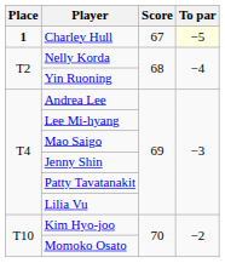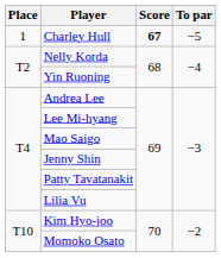 <table class="wikitable">
 <tr>
 <th>Place</th>
 <th>Player</th>
 <th>Score</th>
 <th>To par</th>
 </tr>
 <tr>
-<td align=center><strong>1</strong></td>
+<td align=center>1</td>
 <td> <a href='#'>Charley Hull</a></td>
-<td align=center>67</td>
-<td align=center style="background: lightyellow;">−5</td>
+<td align=center><strong>67</strong></td>
+<td align=center>−5</td>
 </tr>
 <tr>
 <td rowspan=2 align=center>T2</td>
 <td> <a href='#'>Nelly Korda</a></td>
 <td rowspan=2  align=center>68</td>
 <td rowspan=2  align=center>−4</td>
 </tr>
 <tr>
 <td> <a href='#'>Yin Ruoning</a></td>
 </tr>
 <tr>
 <td rowspan=6 align=center>T4</td>
 <td> <a href='#'>Andrea Lee</a></td>
 <td rowspan=6  align=center>69</td>
 <td rowspan=6  align=center>−3</td>
 </tr>
 <tr>
 <td> <a href='#'>Lee Mi-hyang</a></td>
 </tr>
 <tr>
 <td> <a href='#'>Mao Saigo</a></td>
 </tr>
 <tr>
 <td> <a href='#'>Jenny Shin</a></td>
 </tr>
 <tr>
 <td> <a href='#'>Patty Tavatanakit</a></td>
 </tr>
 <tr>
 <td> <a href='#'>Lilia Vu</a></td>
 </tr>
 <tr>
 <td rowspan=2 align=center>T10</td>
 <td> <a href='#'>Kim Hyo-joo</a></td>
 <td rowspan=2  align=center>70</td>
 <td rowspan=2  align=center>−2</td>
 </tr>
 <tr>
 <td> <a href='#'>Momoko Osato</a></td>
 </tr>
 </table>
